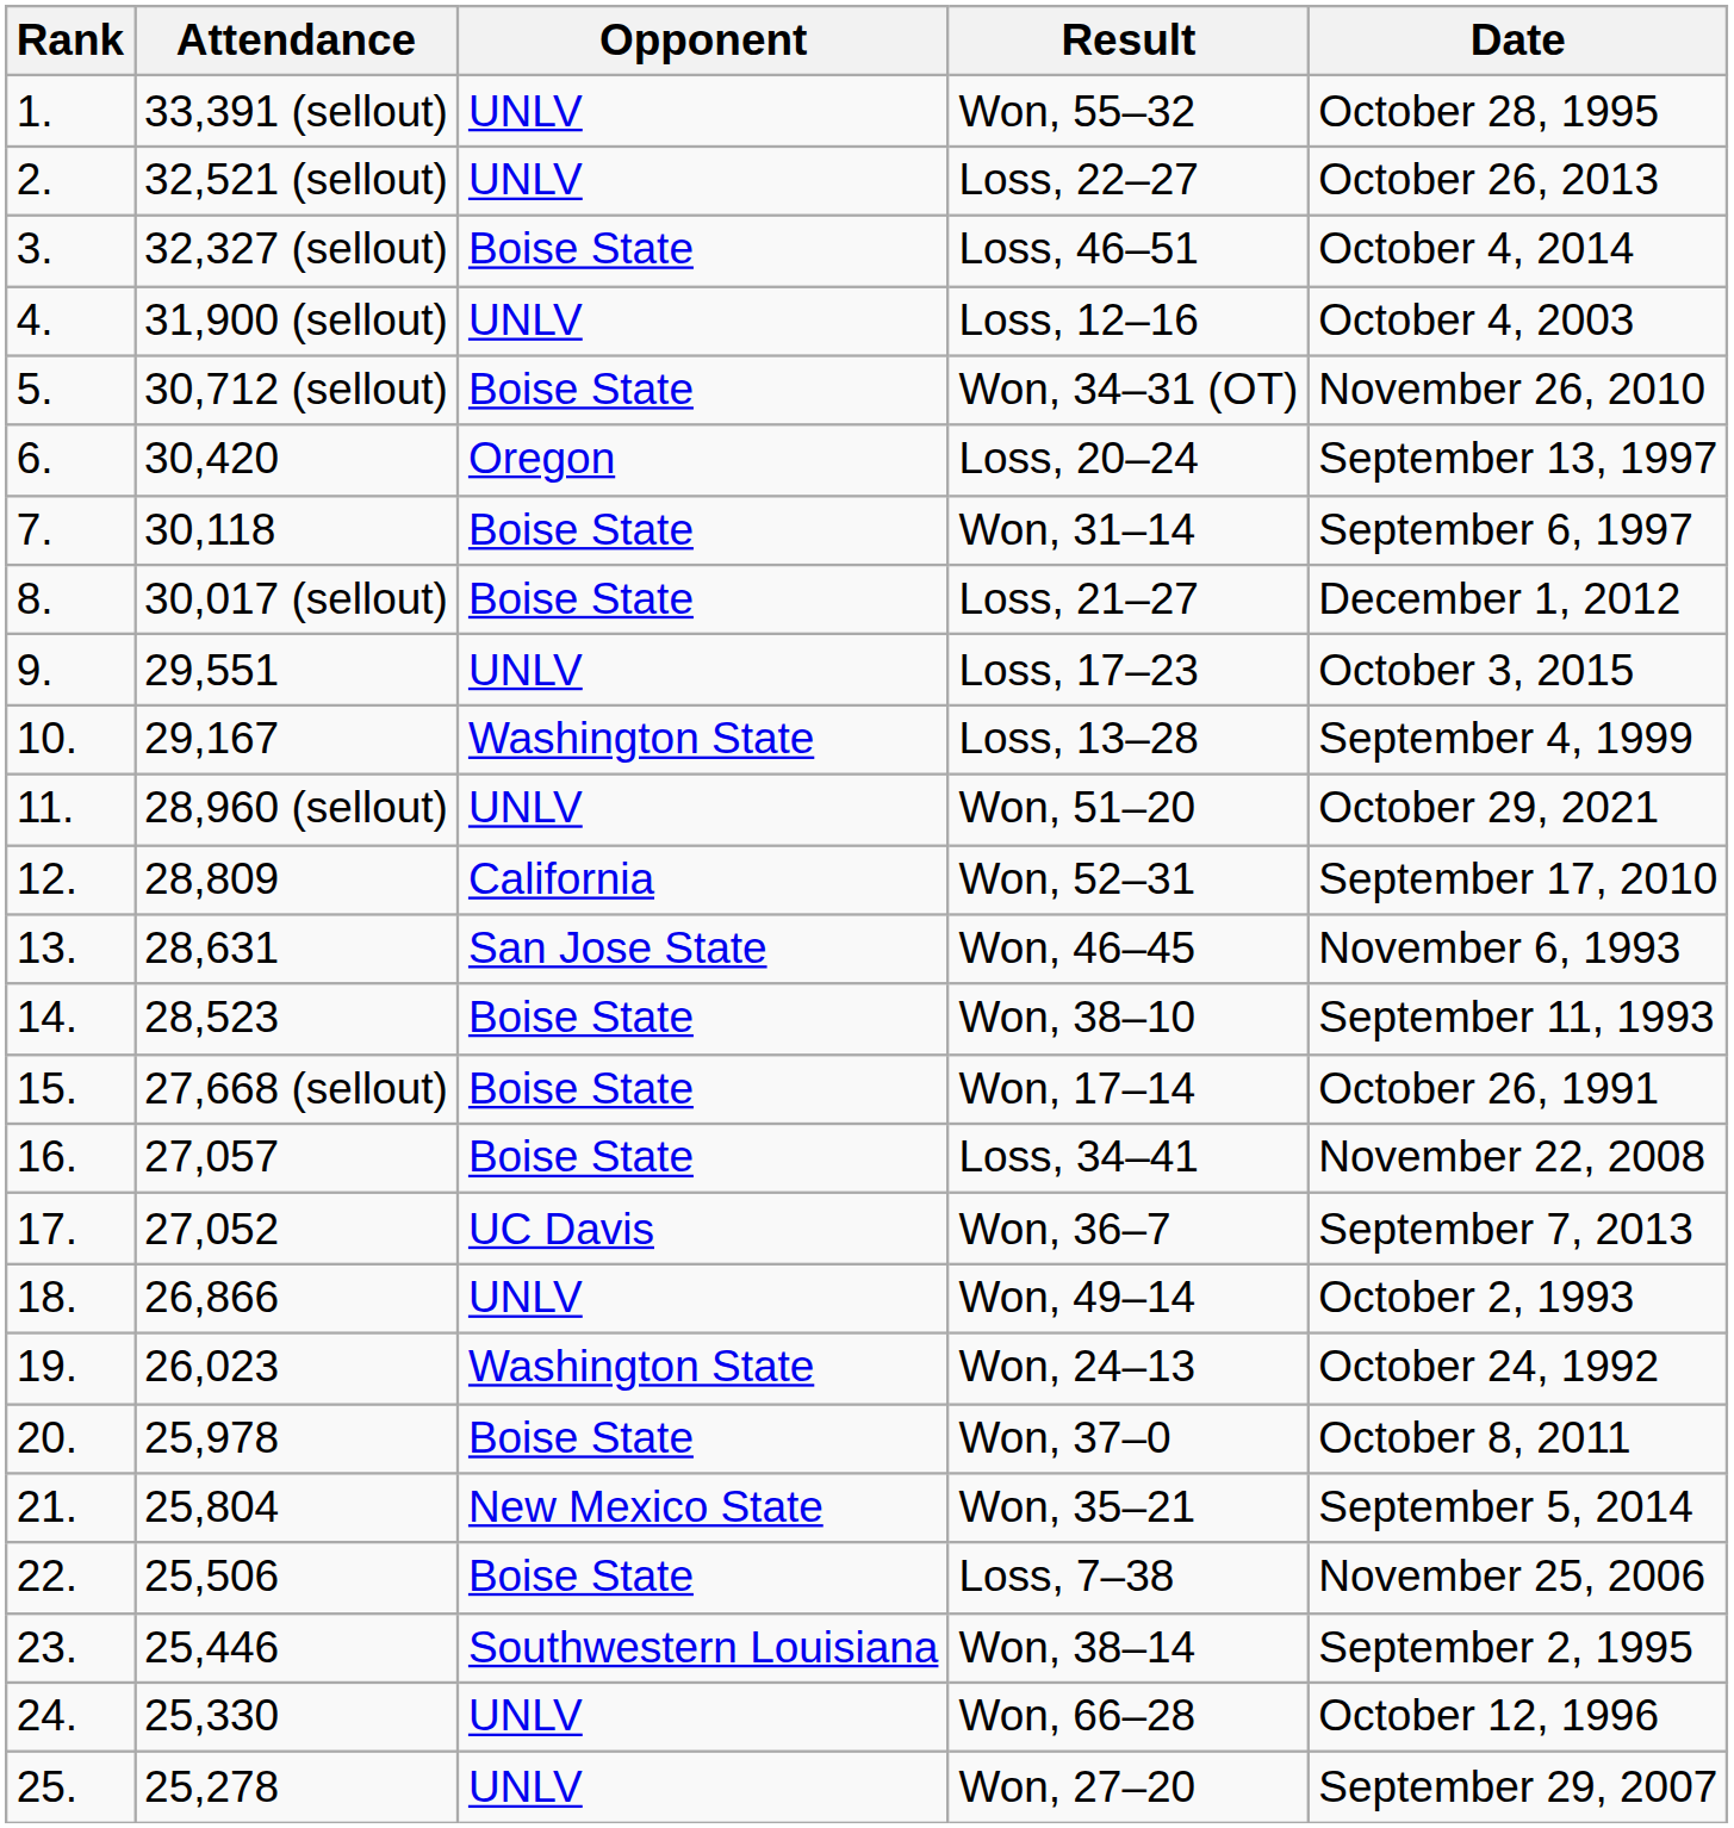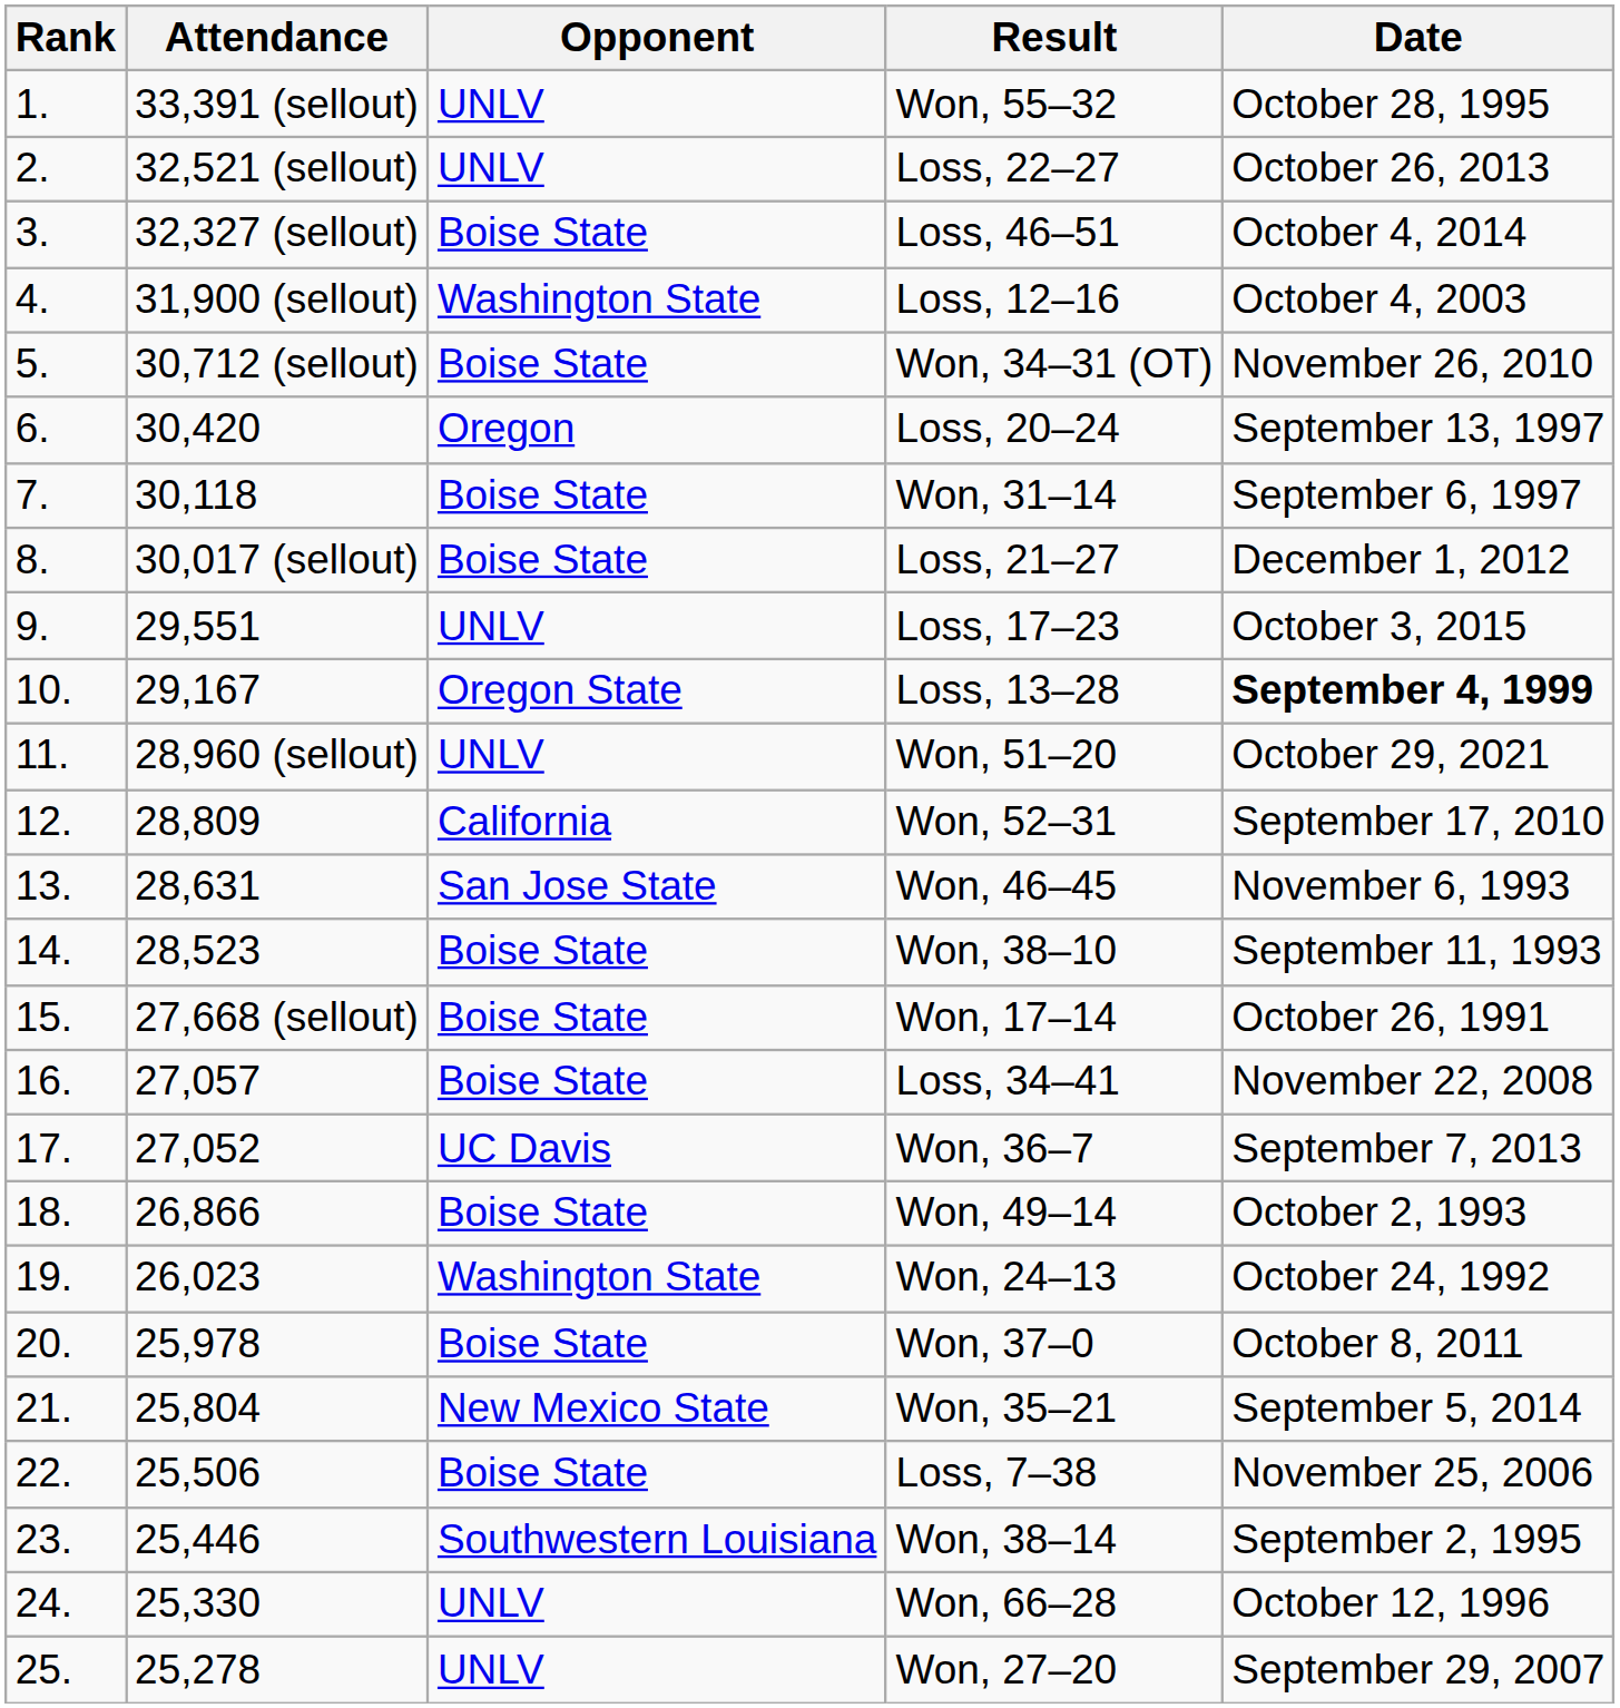 <table class="wikitable sortable">
 <tr>
 <th>Rank</th>
 <th>Attendance</th>
 <th>Opponent</th>
 <th>Result</th>
 <th>Date</th>
 </tr>
 <tr>
 <td>1.</td>
 <td>33,391 (sellout)</td>
 <td><a href='#'>UNLV</a></td>
 <td>Won, 55–32</td>
 <td>October 28, 1995</td>
 </tr>
 <tr>
 <td>2.</td>
 <td>32,521 (sellout)</td>
 <td><a href='#'>UNLV</a></td>
 <td>Loss, 22–27</td>
 <td>October 26, 2013</td>
 </tr>
 <tr>
 <td>3.</td>
 <td>32,327 (sellout)</td>
 <td><a href='#'>Boise State</a></td>
 <td>Loss, 46–51</td>
 <td>October 4, 2014</td>
 </tr>
 <tr>
 <td>4.</td>
 <td>31,900 (sellout)</td>
-<td><a href='#'>UNLV</a></td>
+<td><a href='#'>Washington State</a></td>
 <td>Loss, 12–16</td>
 <td>October 4, 2003</td>
 </tr>
 <tr>
 <td>5.</td>
 <td>30,712 (sellout)</td>
 <td><a href='#'>Boise State</a></td>
 <td>Won, 34–31 (OT)</td>
 <td>November 26, 2010</td>
 </tr>
 <tr>
 <td>6.</td>
 <td>30,420</td>
 <td><a href='#'>Oregon</a></td>
 <td>Loss, 20–24</td>
 <td>September 13, 1997</td>
 </tr>
 <tr>
 <td>7.</td>
 <td>30,118</td>
 <td><a href='#'>Boise State</a></td>
 <td>Won, 31–14</td>
 <td>September 6, 1997</td>
 </tr>
 <tr>
 <td>8.</td>
 <td>30,017 (sellout)</td>
 <td><a href='#'>Boise State</a></td>
 <td>Loss, 21–27</td>
 <td>December 1, 2012</td>
 </tr>
 <tr>
 <td>9.</td>
 <td>29,551</td>
 <td><a href='#'>UNLV</a></td>
 <td>Loss, 17–23</td>
 <td>October 3, 2015</td>
 </tr>
 <tr>
 <td>10.</td>
 <td>29,167</td>
-<td><a href='#'>Washington State</a></td>
+<td><a href='#'>Oregon State</a></td>
 <td>Loss, 13–28</td>
-<td>September 4, 1999</td>
+<td><strong>September 4, 1999</strong></td>
 </tr>
 <tr>
 <td>11.</td>
 <td>28,960 (sellout)</td>
 <td><a href='#'>UNLV</a></td>
 <td>Won, 51–20</td>
 <td>October 29, 2021</td>
 </tr>
 <tr>
 <td>12.</td>
 <td>28,809</td>
 <td><a href='#'>California</a></td>
 <td>Won, 52–31</td>
 <td>September 17, 2010</td>
 </tr>
 <tr>
 <td>13.</td>
 <td>28,631</td>
 <td><a href='#'>San Jose State</a></td>
 <td>Won, 46–45</td>
 <td>November 6, 1993</td>
 </tr>
 <tr>
 <td>14.</td>
 <td>28,523</td>
 <td><a href='#'>Boise State</a></td>
 <td>Won, 38–10</td>
 <td>September 11, 1993</td>
 </tr>
 <tr>
 <td>15.</td>
 <td>27,668 (sellout)</td>
 <td><a href='#'>Boise State</a></td>
 <td>Won, 17–14</td>
 <td>October 26, 1991</td>
 </tr>
 <tr>
 <td>16.</td>
 <td>27,057</td>
 <td><a href='#'>Boise State</a></td>
 <td>Loss, 34–41</td>
 <td>November 22, 2008</td>
 </tr>
 <tr>
 <td>17.</td>
 <td>27,052</td>
 <td><a href='#'>UC Davis</a></td>
 <td>Won, 36–7</td>
 <td>September 7, 2013</td>
 </tr>
 <tr>
 <td>18.</td>
 <td>26,866</td>
-<td><a href='#'>UNLV</a></td>
+<td><a href='#'>Boise State</a></td>
 <td>Won, 49–14</td>
 <td>October 2, 1993</td>
 </tr>
 <tr>
 <td>19.</td>
 <td>26,023</td>
 <td><a href='#'>Washington State</a></td>
 <td>Won, 24–13</td>
 <td>October 24, 1992</td>
 </tr>
 <tr>
 <td>20.</td>
 <td>25,978</td>
 <td><a href='#'>Boise State</a></td>
 <td>Won, 37–0</td>
 <td>October 8, 2011</td>
 </tr>
 <tr>
 <td>21.</td>
 <td>25,804</td>
 <td><a href='#'>New Mexico State</a></td>
 <td>Won, 35–21</td>
 <td>September 5, 2014</td>
 </tr>
 <tr>
 <td>22.</td>
 <td>25,506</td>
 <td><a href='#'>Boise State</a></td>
 <td>Loss, 7–38</td>
 <td>November 25, 2006</td>
 </tr>
 <tr>
 <td>23.</td>
 <td>25,446</td>
 <td><a href='#'>Southwestern Louisiana</a></td>
 <td>Won, 38–14</td>
 <td>September 2, 1995</td>
 </tr>
 <tr>
 <td>24.</td>
 <td>25,330</td>
 <td><a href='#'>UNLV</a></td>
 <td>Won, 66–28</td>
 <td>October 12, 1996</td>
 </tr>
 <tr>
 <td>25.</td>
 <td>25,278</td>
 <td><a href='#'>UNLV</a></td>
 <td>Won, 27–20</td>
 <td>September 29, 2007</td>
 </tr>
 </table>
